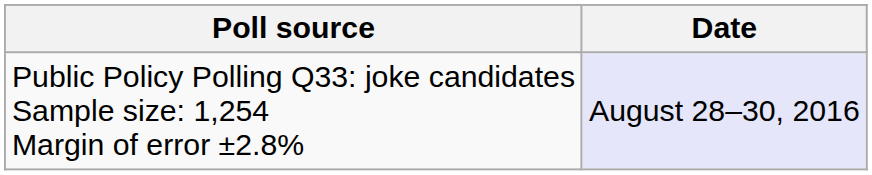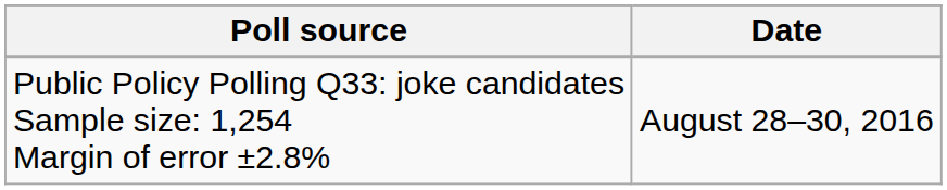 <table class="wikitable">
 <tr style="background:lightgrey;">
 <th>Poll source</th>
 <th>Date</th>
 </tr>
 <tr>
 <td>Public Policy Polling Q33: joke candidates<br>Sample size: 1,254<br>Margin of error ±2.8%</td>
-<td style="background: lavender;">August 28–30, 2016</td>
+<td>August 28–30, 2016</td>
 </tr>
 </table>
